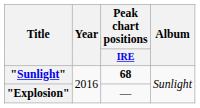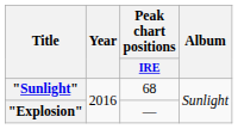 <table class="wikitable plainrowheaders" style="text-align:center;">
 <tr>
 <th scope="col" rowspan="2">Title</th>
 <th scope="col" rowspan="2" style="width:1em;">Year</th>
 <th scope="col">Peak chart positions</th>
 <th scope="col" rowspan="2">Album</th>
 </tr>
 <tr>
 <th scope="col" style="width:3em;font-size:85%;"><a href='#'>IRE</a><br></th>
 </tr>
 <tr>
 <th scope="row">"<a href='#'>Sunlight</a>"</th>
 <td rowspan="2">2016</td>
-<td><strong>68</strong></td>
+<td>68</td>
 <td rowspan="2"><em>Sunlight</em></td>
 </tr>
 <tr>
 <th scope="row">"Explosion"</th>
 <td>—</td>
 </tr>
 </table>
